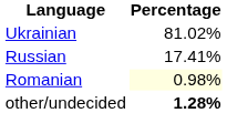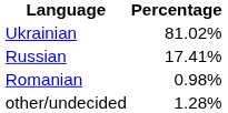 <table class="standard">
 <tr>
 <th>Language</th>
 <th>Percentage</th>
 </tr>
 <tr>
 <td><a href='#'>Ukrainian</a></td>
 <td align="right">81.02%</td>
 </tr>
 <tr>
 <td><a href='#'>Russian</a></td>
 <td align="right">17.41%</td>
 </tr>
 <tr>
 <td><a href='#'>Romanian</a></td>
-<td align="right" style="background: lightyellow;">0.98%</td>
+<td align="right">0.98%</td>
 </tr>
 <tr>
 <td>other/undecided</td>
-<td align="right"><strong>1.28%</strong></td>
+<td align="right">1.28%</td>
 <td></td>
 </tr>
 </table>
